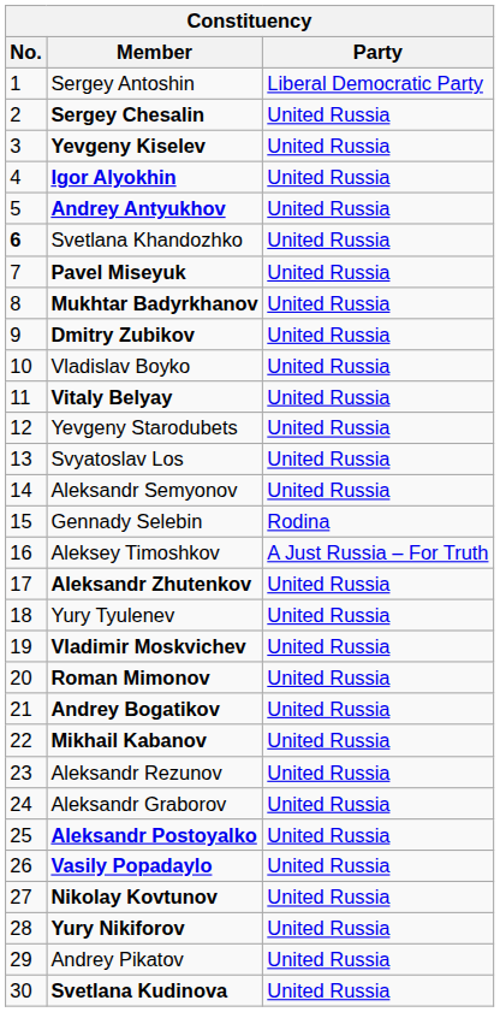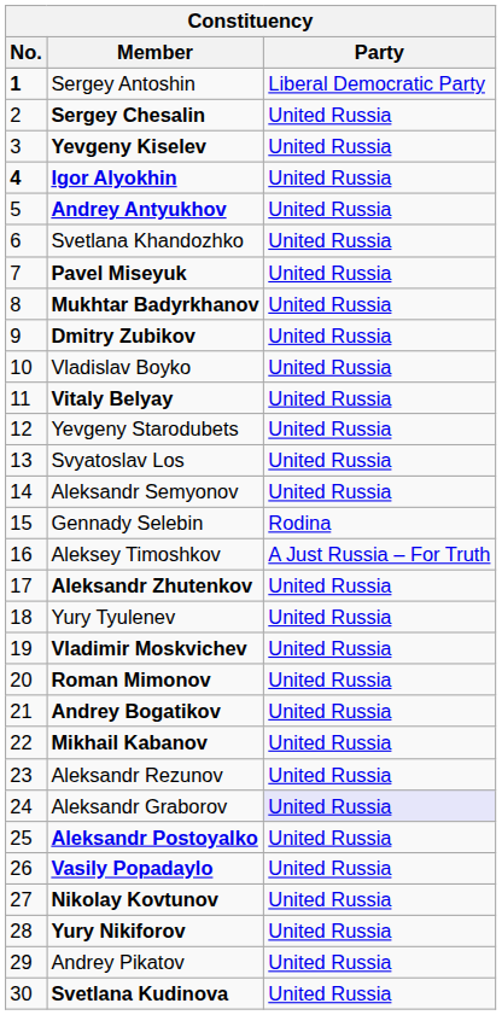 <table class="wikitable sortable mw-collapsible mw-collapsed" style="font-size: 95%;">
 <tr>
 <th colspan=3>Constituency</th>
 </tr>
 <tr>
 <th>No.</th>
 <th>Member</th>
 <th>Party</th>
 </tr>
 <tr>
-<td>1</td>
+<td><strong>1</strong></td>
 <td>Sergey Antoshin</td>
 <td><a href='#'>Liberal Democratic Party</a></td>
 </tr>
 <tr>
 <td>2</td>
 <td><strong>Sergey Chesalin</strong></td>
 <td><a href='#'>United Russia</a></td>
 </tr>
 <tr>
 <td>3</td>
 <td><strong>Yevgeny Kiselev</strong></td>
 <td><a href='#'>United Russia</a></td>
 </tr>
 <tr>
-<td>4</td>
+<td><strong>4</strong></td>
 <td><strong><a href='#'>Igor Alyokhin</a></strong></td>
 <td><a href='#'>United Russia</a></td>
 </tr>
 <tr>
 <td>5</td>
 <td><strong><a href='#'>Andrey Antyukhov</a></strong></td>
 <td><a href='#'>United Russia</a></td>
 </tr>
 <tr>
-<td><strong>6</strong></td>
+<td>6</td>
 <td>Svetlana Khandozhko</td>
 <td><a href='#'>United Russia</a></td>
 </tr>
 <tr>
 <td>7</td>
 <td><strong>Pavel Miseyuk</strong></td>
 <td><a href='#'>United Russia</a></td>
 </tr>
 <tr>
 <td>8</td>
 <td><strong>Mukhtar Badyrkhanov</strong></td>
 <td><a href='#'>United Russia</a></td>
 </tr>
 <tr>
 <td>9</td>
 <td><strong>Dmitry Zubikov</strong></td>
 <td><a href='#'>United Russia</a></td>
 </tr>
 <tr>
 <td>10</td>
 <td>Vladislav Boyko</td>
 <td><a href='#'>United Russia</a></td>
 </tr>
 <tr>
 <td>11</td>
 <td><strong>Vitaly Belyay</strong></td>
 <td><a href='#'>United Russia</a></td>
 </tr>
 <tr>
 <td>12</td>
 <td>Yevgeny Starodubets</td>
 <td><a href='#'>United Russia</a></td>
 </tr>
 <tr>
 <td>13</td>
 <td>Svyatoslav Los</td>
 <td><a href='#'>United Russia</a></td>
 </tr>
 <tr>
 <td>14</td>
 <td>Aleksandr Semyonov</td>
 <td><a href='#'>United Russia</a></td>
 </tr>
 <tr>
 <td>15</td>
 <td>Gennady Selebin</td>
 <td><a href='#'>Rodina</a></td>
 </tr>
 <tr>
 <td>16</td>
 <td>Aleksey Timoshkov</td>
 <td><a href='#'>A Just Russia – For Truth</a></td>
 </tr>
 <tr>
 <td>17</td>
 <td><strong>Aleksandr Zhutenkov</strong></td>
 <td><a href='#'>United Russia</a></td>
 </tr>
 <tr>
 <td>18</td>
 <td>Yury Tyulenev</td>
 <td><a href='#'>United Russia</a></td>
 </tr>
 <tr>
 <td>19</td>
 <td><strong>Vladimir Moskvichev</strong></td>
 <td><a href='#'>United Russia</a></td>
 </tr>
 <tr>
 <td>20</td>
 <td><strong>Roman Mimonov</strong></td>
 <td><a href='#'>United Russia</a></td>
 </tr>
 <tr>
 <td>21</td>
 <td><strong>Andrey Bogatikov</strong></td>
 <td><a href='#'>United Russia</a></td>
 </tr>
 <tr>
 <td>22</td>
 <td><strong>Mikhail Kabanov</strong></td>
 <td><a href='#'>United Russia</a></td>
 </tr>
 <tr>
 <td>23</td>
 <td>Aleksandr Rezunov</td>
 <td><a href='#'>United Russia</a></td>
 </tr>
 <tr>
 <td>24</td>
 <td>Aleksandr Graborov</td>
-<td><a href='#'>United Russia</a></td>
+<td style="background: lavender;"><a href='#'>United Russia</a></td>
 </tr>
 <tr>
 <td>25</td>
 <td><strong><a href='#'>Aleksandr Postoyalko</a></strong></td>
 <td><a href='#'>United Russia</a></td>
 </tr>
 <tr>
 <td>26</td>
 <td><strong><a href='#'>Vasily Popadaylo</a></strong></td>
 <td><a href='#'>United Russia</a></td>
 </tr>
 <tr>
 <td>27</td>
 <td><strong>Nikolay Kovtunov</strong></td>
 <td><a href='#'>United Russia</a></td>
 </tr>
 <tr>
 <td>28</td>
 <td><strong>Yury Nikiforov</strong></td>
 <td><a href='#'>United Russia</a></td>
 </tr>
 <tr>
 <td>29</td>
 <td>Andrey Pikatov</td>
 <td><a href='#'>United Russia</a></td>
 </tr>
 <tr>
 <td>30</td>
 <td><strong>Svetlana Kudinova</strong></td>
 <td><a href='#'>United Russia</a></td>
 </tr>
 </table>
